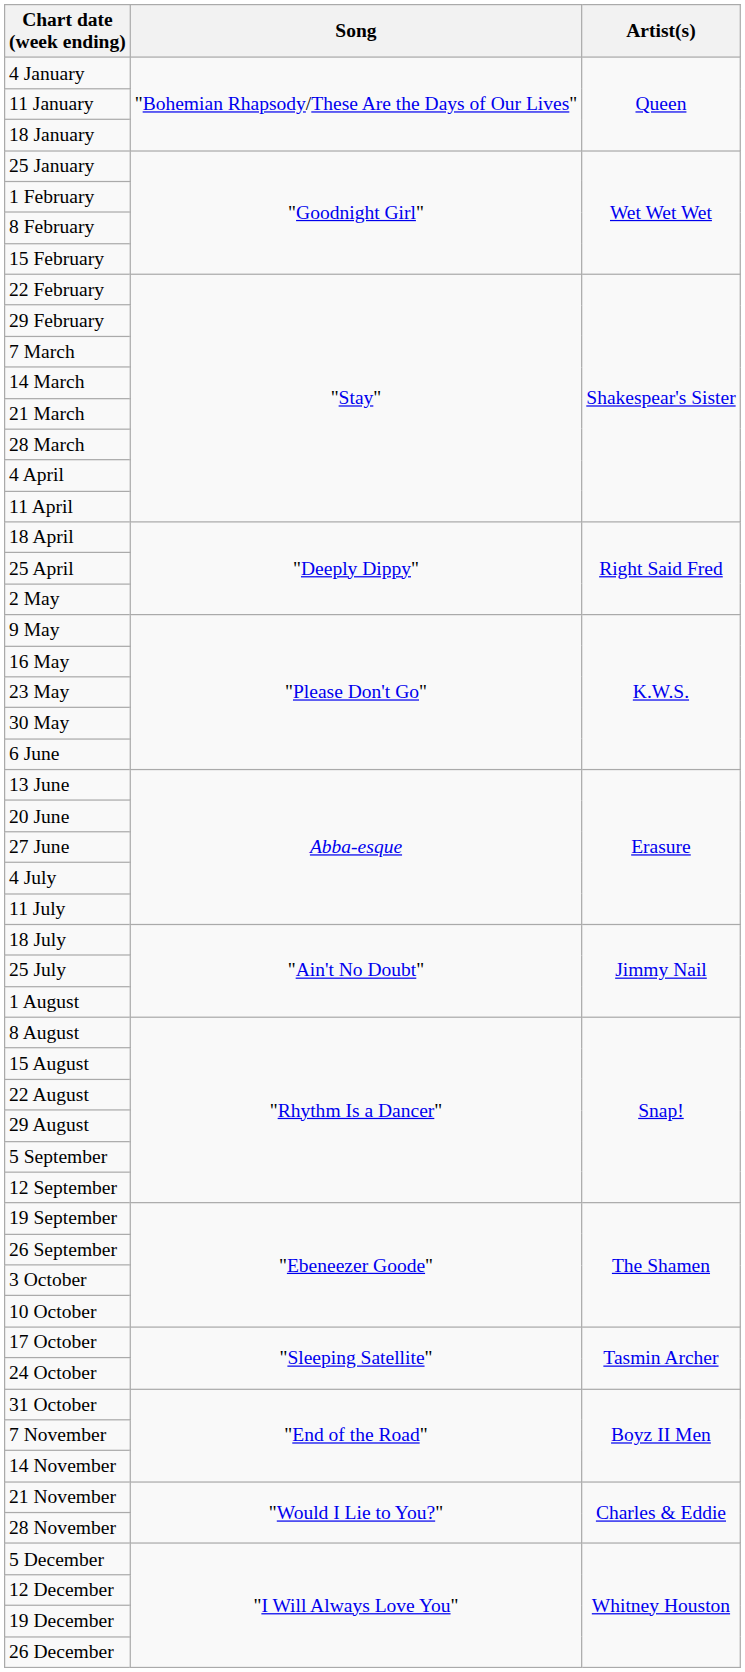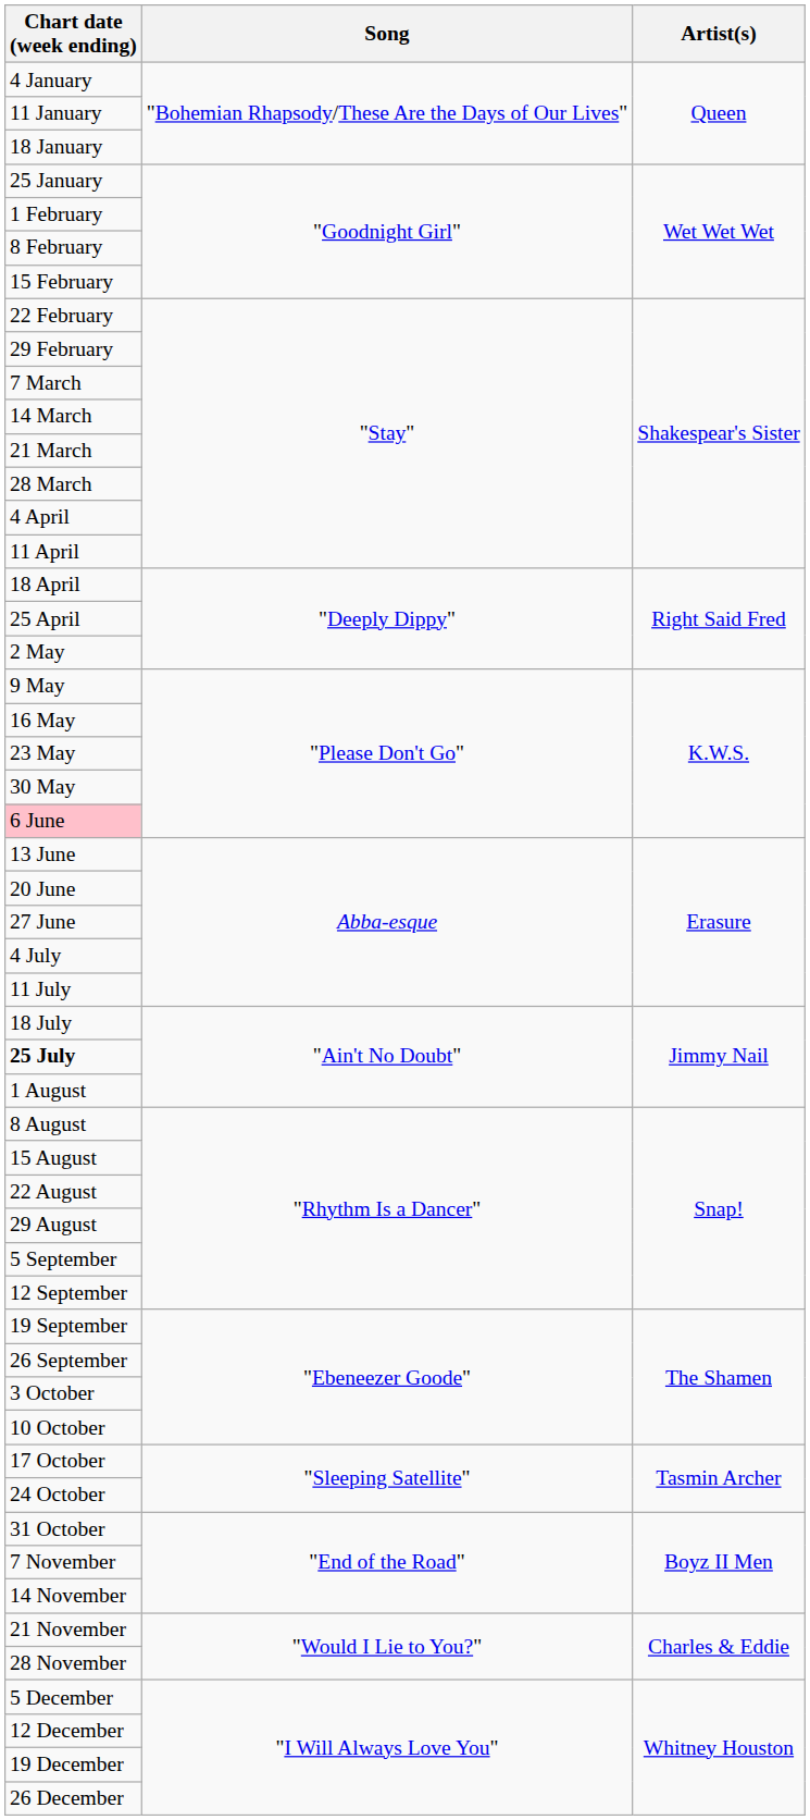 <table class="wikitable">
 <tr>
 <th style="text-align:center;">Chart date<br>(week ending)</th>
 <th style="text-align:center;">Song</th>
 <th style="text-align:center;">Artist(s)</th>
 </tr>
 <tr>
 <td style="text-align:left;">4 January</td>
 <td style="text-align:center;" rowspan="3">"<a href='#'>Bohemian Rhapsody</a>/<a href='#'>These Are the Days of Our Lives</a>"</td>
 <td style="text-align:center;" rowspan="3"><a href='#'>Queen</a></td>
 </tr>
 <tr>
 <td style="text-align:left;">11 January</td>
 </tr>
 <tr>
 <td style="text-align:left;">18 January</td>
 </tr>
 <tr>
 <td style="text-align:left;">25 January</td>
 <td style="text-align:center;" rowspan="4">"<a href='#'>Goodnight Girl</a>"</td>
 <td style="text-align:center;" rowspan="4"><a href='#'>Wet Wet Wet</a></td>
 </tr>
 <tr>
 <td style="text-align:left;">1 February</td>
 </tr>
 <tr>
 <td style="text-align:left;">8 February</td>
 </tr>
 <tr>
 <td style="text-align:left;">15 February</td>
 </tr>
 <tr>
 <td style="text-align:left;">22 February</td>
 <td style="text-align:center;" rowspan="8">"<a href='#'>Stay</a>"</td>
 <td style="text-align:center;" rowspan="8"><a href='#'>Shakespear's Sister</a></td>
 </tr>
 <tr>
 <td style="text-align:left;">29 February</td>
 </tr>
 <tr>
 <td style="text-align:left;">7 March</td>
 </tr>
 <tr>
 <td style="text-align:left;">14 March</td>
 </tr>
 <tr>
 <td style="text-align:left;">21 March</td>
 </tr>
 <tr>
 <td style="text-align:left;">28 March</td>
 </tr>
 <tr>
 <td style="text-align:left;">4 April</td>
 </tr>
 <tr>
 <td style="text-align:left;">11 April</td>
 </tr>
 <tr>
 <td style="text-align:left;">18 April</td>
 <td style="text-align:center;" rowspan="3">"<a href='#'>Deeply Dippy</a>"</td>
 <td style="text-align:center;" rowspan="3"><a href='#'>Right Said Fred</a></td>
 </tr>
 <tr>
 <td style="text-align:left;">25 April</td>
 </tr>
 <tr>
 <td style="text-align:left;">2 May</td>
 </tr>
 <tr>
 <td style="text-align:left;">9 May</td>
 <td style="text-align:center;" rowspan="5">"<a href='#'>Please Don't Go</a>"</td>
 <td style="text-align:center;" rowspan="5"><a href='#'>K.W.S.</a></td>
 </tr>
 <tr>
 <td style="text-align:left;">16 May</td>
 </tr>
 <tr>
 <td style="text-align:left;">23 May</td>
 </tr>
 <tr>
 <td style="text-align:left;">30 May</td>
 </tr>
 <tr>
-<td style="text-align:left;">6 June</td>
+<td style="background: pink; text-align:left;">6 June</td>
 </tr>
 <tr>
 <td style="text-align:left;">13 June</td>
 <td style="text-align:center;" rowspan="5"><em><a href='#'>Abba-esque</a></em></td>
 <td style="text-align:center;" rowspan="5"><a href='#'>Erasure</a></td>
 </tr>
 <tr>
 <td style="text-align:left;">20 June</td>
 </tr>
 <tr>
 <td style="text-align:left;">27 June</td>
 </tr>
 <tr>
 <td style="text-align:left;">4 July</td>
 </tr>
 <tr>
 <td style="text-align:left;">11 July</td>
 </tr>
 <tr>
 <td style="text-align:left;">18 July</td>
 <td style="text-align:center;" rowspan="3">"<a href='#'>Ain't No Doubt</a>"</td>
 <td style="text-align:center;" rowspan="3"><a href='#'>Jimmy Nail</a></td>
 </tr>
 <tr>
-<td style="text-align:left;">25 July</td>
+<td style="text-align:left;"><strong>25 July</strong></td>
 </tr>
 <tr>
 <td style="text-align:left;">1 August</td>
 </tr>
 <tr>
 <td style="text-align:left;">8 August</td>
 <td style="text-align:center;" rowspan="6">"<a href='#'>Rhythm Is a Dancer</a>"</td>
 <td style="text-align:center;" rowspan="6"><a href='#'>Snap!</a></td>
 </tr>
 <tr>
 <td style="text-align:left;">15 August</td>
 </tr>
 <tr>
 <td style="text-align:left;">22 August</td>
 </tr>
 <tr>
 <td style="text-align:left;">29 August</td>
 </tr>
 <tr>
 <td style="text-align:left;">5 September</td>
 </tr>
 <tr>
 <td style="text-align:left;">12 September</td>
 </tr>
 <tr>
 <td style="text-align:left;">19 September</td>
 <td style="text-align:center;" rowspan="4">"<a href='#'>Ebeneezer Goode</a>"</td>
 <td style="text-align:center;" rowspan="4"><a href='#'>The Shamen</a></td>
 </tr>
 <tr>
 <td style="text-align:left;">26 September</td>
 </tr>
 <tr>
 <td style="text-align:left;">3 October</td>
 </tr>
 <tr>
 <td style="text-align:left;">10 October</td>
 </tr>
 <tr>
 <td style="text-align:left;">17 October</td>
 <td style="text-align:center;" rowspan="2">"<a href='#'>Sleeping Satellite</a>"</td>
 <td style="text-align:center;" rowspan="2"><a href='#'>Tasmin Archer</a></td>
 </tr>
 <tr>
 <td style="text-align:left;">24 October</td>
 </tr>
 <tr>
 <td style="text-align:left;">31 October</td>
 <td style="text-align:center;" rowspan="3">"<a href='#'>End of the Road</a>"</td>
 <td style="text-align:center;" rowspan="3"><a href='#'>Boyz II Men</a></td>
 </tr>
 <tr>
 <td style="text-align:left;">7 November</td>
 </tr>
 <tr>
 <td style="text-align:left;">14 November</td>
 </tr>
 <tr>
 <td style="text-align:left;">21 November</td>
 <td style="text-align:center;" rowspan="2">"<a href='#'>Would I Lie to You?</a>"</td>
 <td style="text-align:center;" rowspan="2"><a href='#'>Charles & Eddie</a></td>
 </tr>
 <tr>
 <td style="text-align:left;">28 November</td>
 </tr>
 <tr>
 <td style="text-align:left;">5 December</td>
 <td style="text-align:center;" rowspan="4">"<a href='#'>I Will Always Love You</a>"</td>
 <td style="text-align:center;" rowspan="4"><a href='#'>Whitney Houston</a></td>
 </tr>
 <tr>
 <td style="text-align:left;">12 December</td>
 </tr>
 <tr>
 <td style="text-align:left;">19 December</td>
 </tr>
 <tr>
 <td style="text-align:left;">26 December</td>
 </tr>
 </table>
